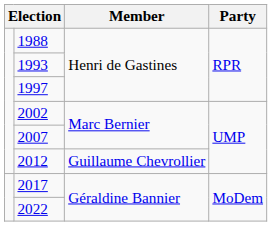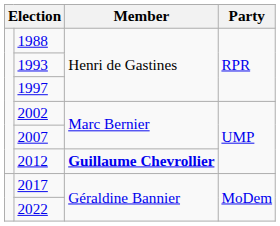 <table class="wikitable">
 <tr>
 <th colspan="2">Election</th>
 <th>Member</th>
 <th>Party</th>
 </tr>
 <tr>
 <td rowspan="6" style="color:inherit;background-color: "></td>
 <td><a href='#'>1988</a></td>
 <td rowspan="3">Henri de Gastines</td>
 <td rowspan="3"><a href='#'>RPR</a></td>
 </tr>
 <tr>
 <td><a href='#'>1993</a></td>
 </tr>
 <tr>
 <td><a href='#'>1997</a></td>
 </tr>
 <tr>
 <td><a href='#'>2002</a></td>
 <td rowspan="2"><a href='#'>Marc Bernier</a></td>
 <td rowspan="3"><a href='#'>UMP</a></td>
 </tr>
 <tr>
 <td><a href='#'>2007</a></td>
 </tr>
 <tr>
 <td><a href='#'>2012</a></td>
-<td><a href='#'>Guillaume Chevrollier</a></td>
+<td><strong><a href='#'>Guillaume Chevrollier</a></strong></td>
 </tr>
 <tr>
 <td rowspan="2" style="color:inherit;background-color: "></td>
 <td><a href='#'>2017</a></td>
 <td rowspan="2"><a href='#'>Géraldine Bannier</a></td>
 <td rowspan="2"><a href='#'>MoDem</a></td>
 </tr>
 <tr>
 <td><a href='#'>2022</a></td>
 </tr>
 </table>
